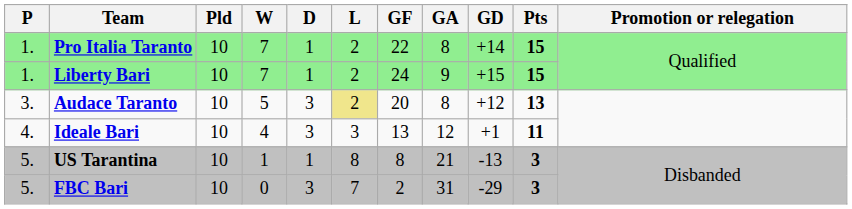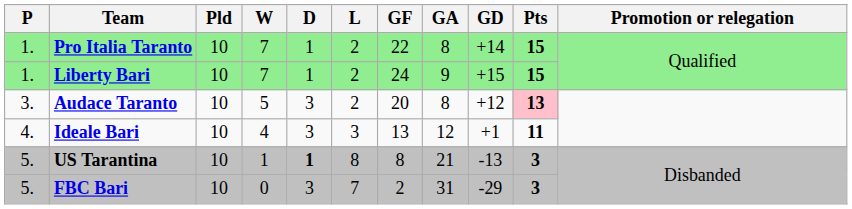 <table class="wikitable sortable" style="text-align: center;">
 <tr>
 <th width=33>P<br></th>
 <th>Team<br></th>
 <th width=33>Pld<br></th>
 <th width=33>W<br></th>
 <th width=33>D<br></th>
 <th width=33>L<br></th>
 <th width=33>GF<br></th>
 <th width=33>GA<br></th>
 <th width=33>GD<br></th>
 <th width=33>Pts<br></th>
 <th class="unsortable" width=250>Promotion or relegation<br></th>
 </tr>
 <tr style="background: #90EE90;">
 <td>1.</td>
 <td align="left"><strong><a href='#'>Pro Italia Taranto</a></strong></td>
 <td>10</td>
 <td>7</td>
 <td>1</td>
 <td>2</td>
 <td>22</td>
 <td>8</td>
 <td>+14</td>
 <td><strong>15</strong></td>
 <td rowspan="2">Qualified</td>
 </tr>
 <tr style="background: #90EE90;">
 <td>1.</td>
 <td align="left"><strong><a href='#'>Liberty Bari</a></strong></td>
 <td>10</td>
 <td>7</td>
 <td>1</td>
 <td>2</td>
 <td>24</td>
 <td>9</td>
 <td>+15</td>
 <td><strong>15</strong></td>
 </tr>
 <tr>
 <td>3.</td>
 <td align="left"><strong><a href='#'>Audace Taranto</a></strong></td>
 <td>10</td>
 <td>5</td>
 <td>3</td>
-<td style="background: khaki;">2</td>
+<td>2</td>
 <td>20</td>
 <td>8</td>
 <td>+12</td>
-<td><strong>13</strong></td>
+<td style="background: pink;"><strong>13</strong></td>
 </tr>
 <tr>
 <td>4.</td>
 <td align="left"><strong><a href='#'>Ideale Bari</a></strong></td>
 <td>10</td>
 <td>4</td>
 <td>3</td>
 <td>3</td>
 <td>13</td>
 <td>12</td>
 <td>+1</td>
 <td><strong>11</strong></td>
 </tr>
 <tr style="background:silver">
 <td>5.</td>
 <td align="left"><strong>US Tarantina</strong></td>
 <td>10</td>
 <td>1</td>
-<td>1</td>
+<td><strong>1</strong></td>
 <td>8</td>
 <td>8</td>
 <td>21</td>
 <td>-13</td>
 <td><strong>3</strong></td>
 <td rowspan="2">Disbanded</td>
 </tr>
 <tr style="background:silver">
 <td>5.</td>
 <td align="left"><strong><a href='#'>FBC Bari</a></strong></td>
 <td>10</td>
 <td>0</td>
 <td>3</td>
 <td>7</td>
 <td>2</td>
 <td>31</td>
 <td>-29</td>
 <td><strong>3</strong></td>
 </tr>
 </table>
